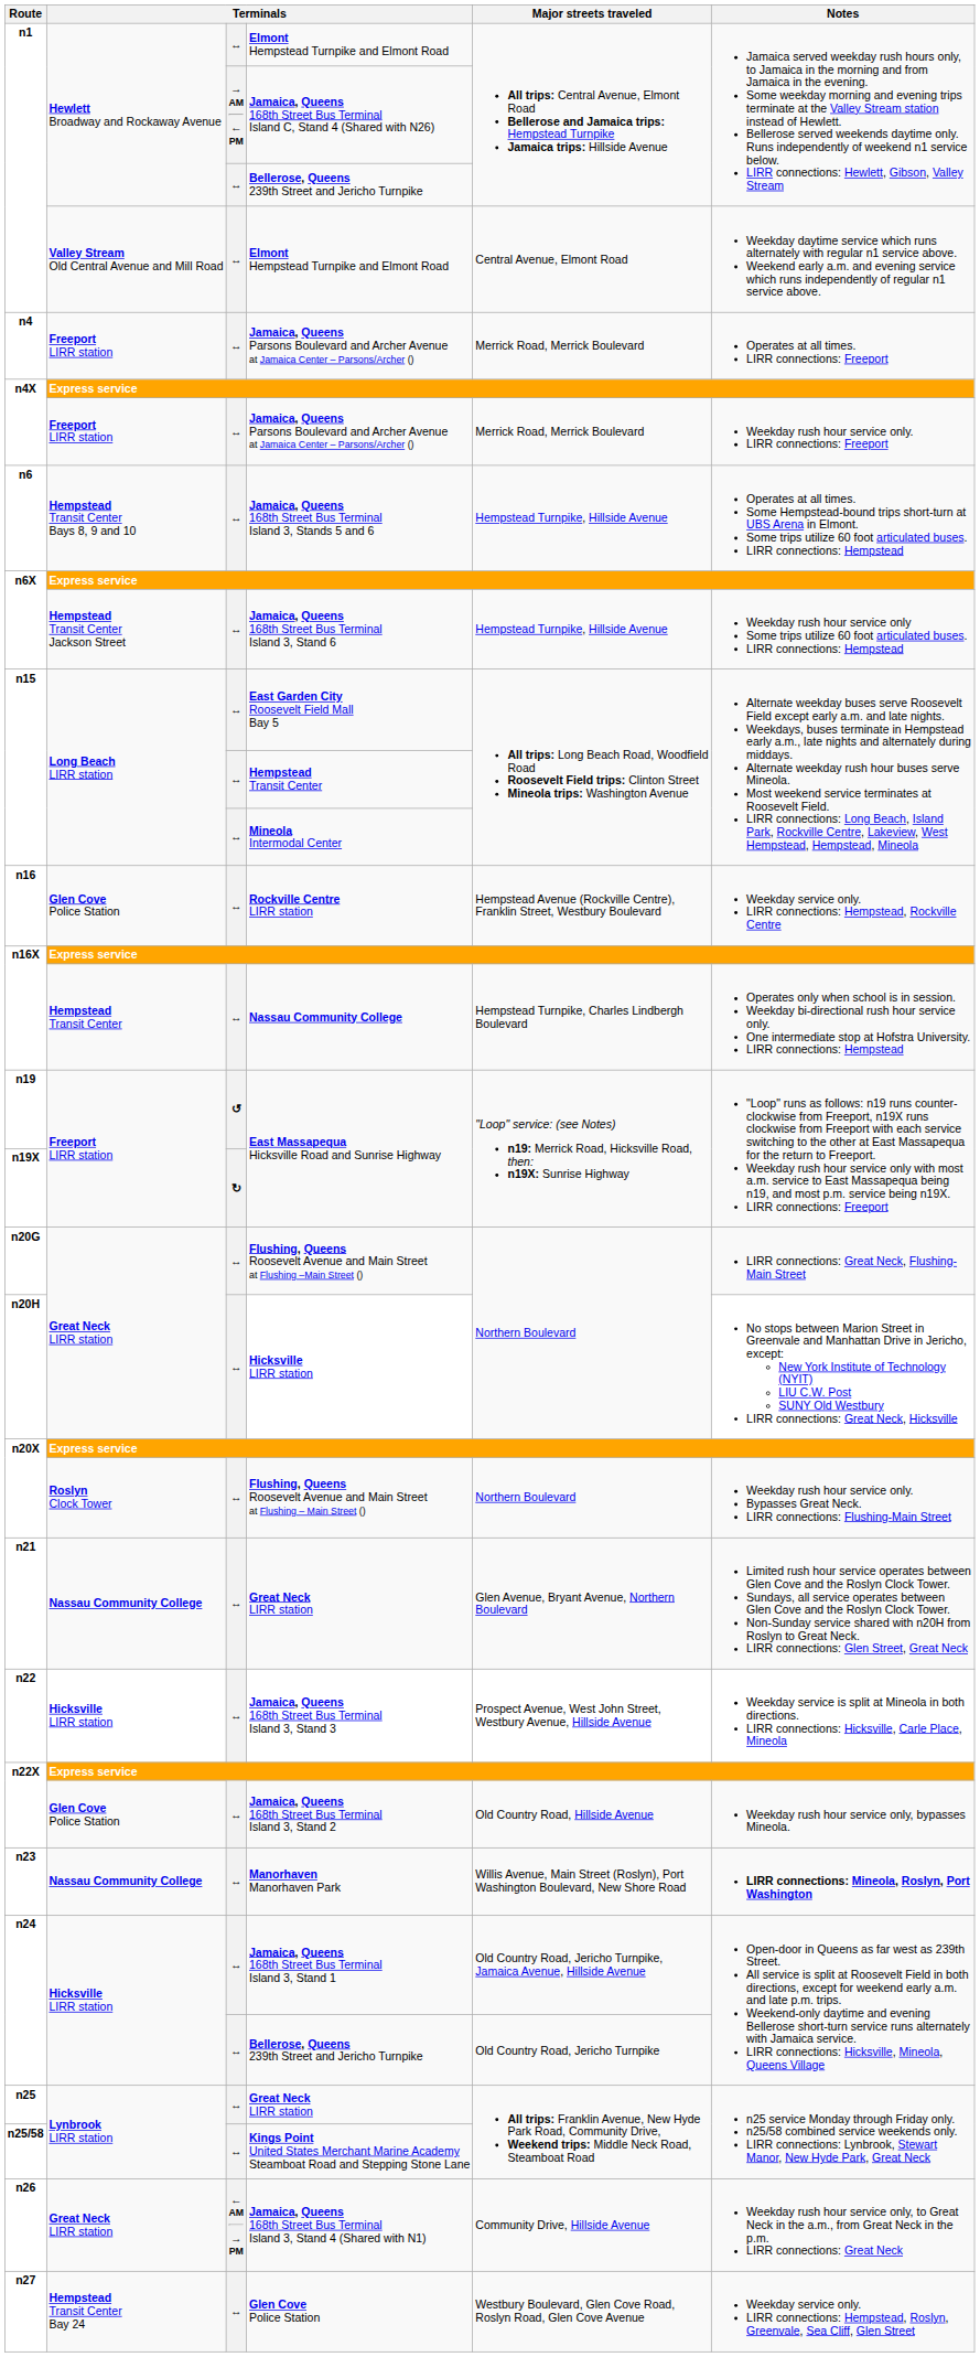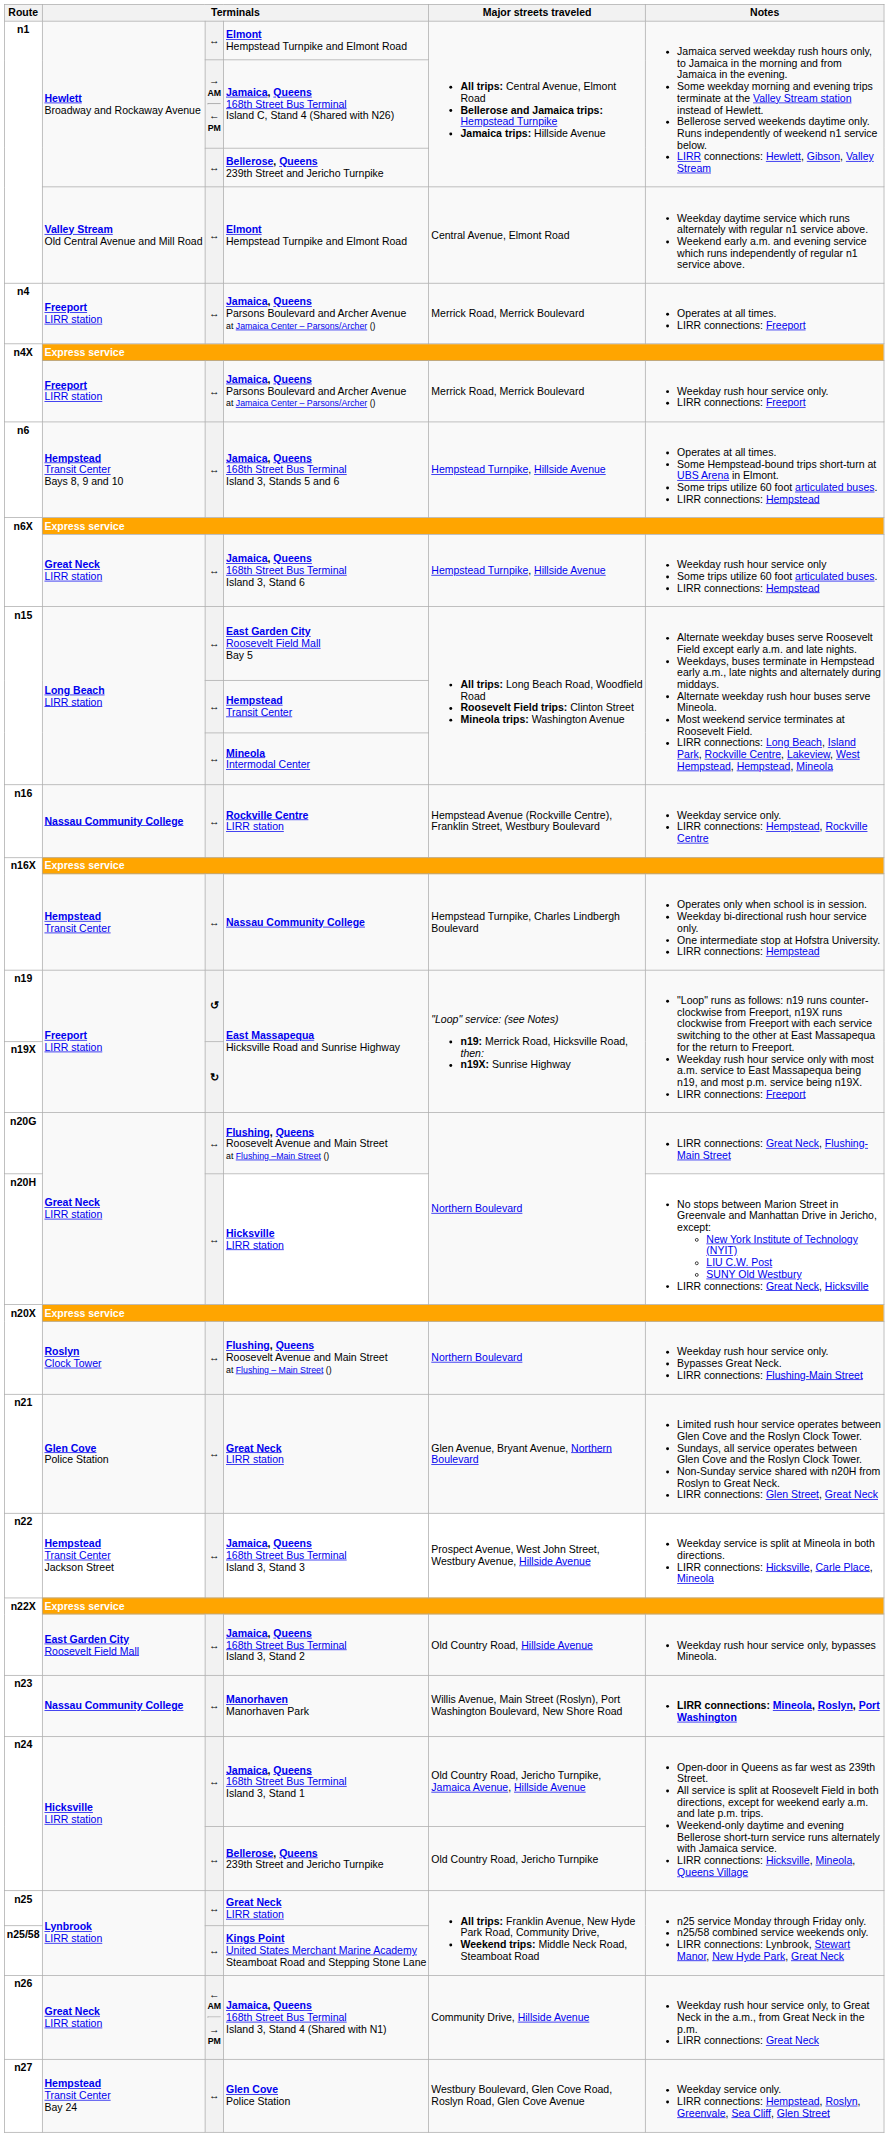 <table class=wikitable style="font-size: 90%;" |>
 <tr>
 <th>Route</th>
 <th colspan=3>Terminals</th>
 <th style="width:290px;">Major streets traveled</th>
 <th style="width:320px;">Notes</th>
 </tr>
 <tr>
 <td rowspan=4  style="text-align:center; background:white; color:black; vertical-align:top;"><div><strong>n1</strong></div></td>
 <td rowspan="3"><strong><a href='#'>Hewlett</a></strong><br>Broadway and Rockaway Avenue</td>
 <th><span>↔</span></th>
 <td><strong><a href='#'>Elmont</a></strong><br>Hempstead Turnpike and Elmont Road</td>
 <td rowspan=3><br><ul><li><strong>All trips:</strong> Central Avenue, Elmont Road</li><li><strong>Bellerose and Jamaica trips:</strong> <a href='#'>Hempstead Turnpike</a></li><li><strong>Jamaica trips:</strong> Hillside Avenue</li></ul></td>
 <td rowspan=3><br><ul><li>Jamaica served weekday rush hours only, to Jamaica in the morning and from Jamaica in the evening.</li><li>Some weekday morning and evening trips terminate at the <a href='#'>Valley Stream station</a> instead of Hewlett.</li><li>Bellerose served weekends daytime only. Runs independently of weekend n1 service below.</li><li><a href='#'>LIRR</a> connections: <a href='#'>Hewlett</a>, <a href='#'>Gibson</a>, <a href='#'>Valley Stream</a></li></ul></td>
 </tr>
 <tr>
 <th><span>→</span><br><small>AM</small><hr><span>←</span><br><small>PM</small></th>
 <td><strong><a href='#'>Jamaica</a>, <a href='#'>Queens</a></strong><br><a href='#'>168th Street Bus Terminal</a><br>Island C, Stand 4 (Shared with N26)</td>
 </tr>
 <tr>
 <th><span>↔</span></th>
 <td><strong><a href='#'>Bellerose</a>, <a href='#'>Queens</a></strong><br>239th Street and Jericho Turnpike</td>
 </tr>
 <tr>
 <td><strong><a href='#'>Valley Stream</a></strong><br>Old Central Avenue and Mill Road</td>
 <th><span>↔</span></th>
 <td><strong><a href='#'>Elmont</a></strong><br>Hempstead Turnpike and Elmont Road</td>
 <td>Central Avenue, Elmont Road</td>
 <td><br><ul><li>Weekday daytime service which runs alternately with regular n1 service above.</li><li>Weekend early a.m. and evening service which runs independently of regular n1 service above.</li></ul></td>
 </tr>
 <tr>
 <td style="text-align:center; background:white; color:black; vertical-align:top;"><div><strong>n4</strong></div></td>
 <td><strong><a href='#'>Freeport</a></strong><br><a href='#'>LIRR station</a></td>
 <th><span>↔</span></th>
 <td><strong><a href='#'>Jamaica</a>, <a href='#'>Queens</a></strong><br>Parsons Boulevard and Archer Avenue<br><small>at <a href='#'>Jamaica Center – Parsons/Archer</a> ()</small></td>
 <td>Merrick Road, Merrick Boulevard</td>
 <td><br><ul><li>Operates at all times.</li><li>LIRR connections: <a href='#'>Freeport</a></li></ul></td>
 </tr>
 <tr>
 <td rowspan="2"  style="text-align:center; background:white; color:black; vertical-align:top;"><div><strong>n4X</strong></div></td>
 <td colspan="6"  style="background:orange; color:white; text-align:left;"><strong>Express service</strong></td>
 </tr>
 <tr>
 <td><strong><a href='#'>Freeport</a></strong><br><a href='#'>LIRR station</a></td>
 <th><span>↔</span></th>
 <td><strong><a href='#'>Jamaica</a>, <a href='#'>Queens</a></strong><br>Parsons Boulevard and Archer Avenue<br><small>at <a href='#'>Jamaica Center – Parsons/Archer</a> ()</small></td>
 <td>Merrick Road, Merrick Boulevard</td>
 <td><br><ul><li>Weekday rush hour service only.</li><li>LIRR connections: <a href='#'>Freeport</a></li></ul></td>
 </tr>
 <tr>
 <td style="text-align:center; background:white; color:black; vertical-align:top;"><div><strong>n6</strong></div></td>
 <td><strong><a href='#'>Hempstead</a></strong><br><a href='#'>Transit Center</a><br>Bays 8, 9 and 10</td>
 <th><span>↔</span></th>
 <td><strong><a href='#'>Jamaica</a>, <a href='#'>Queens</a></strong><br><a href='#'>168th Street Bus Terminal</a><br>Island 3, Stands 5 and 6</td>
 <td><a href='#'>Hempstead Turnpike</a>, <a href='#'>Hillside Avenue</a></td>
 <td><br><ul><li>Operates at all times.</li><li>Some Hempstead-bound trips short-turn at <a href='#'>UBS Arena</a> in Elmont.</li><li>Some trips utilize 60 foot <a href='#'>articulated buses</a>.</li><li>LIRR connections: <a href='#'>Hempstead</a></li></ul></td>
 </tr>
 <tr>
 <td rowspan="2"  style="text-align:center; background:white; color:black; vertical-align:top;"><div><strong>n6X</strong></div></td>
 <td colspan="6"  style="background:orange; color:white; text-align:left;"><strong>Express service</strong></td>
 </tr>
 <tr>
-<td><strong><a href='#'>Hempstead</a></strong><br><a href='#'>Transit Center</a><br>Jackson Street</td>
+<td><strong><a href='#'>Great Neck</a></strong><br><a href='#'>LIRR station</a></td>
 <th><span>↔</span></th>
 <td><strong><a href='#'>Jamaica</a>, <a href='#'>Queens</a></strong><br><a href='#'>168th Street Bus Terminal</a><br>Island 3, Stand 6</td>
 <td><a href='#'>Hempstead Turnpike</a>, <a href='#'>Hillside Avenue</a></td>
 <td><br><ul><li>Weekday rush hour service only</li><li>Some trips utilize 60 foot <a href='#'>articulated buses</a>.</li><li>LIRR connections: <a href='#'>Hempstead</a></li></ul></td>
 </tr>
 <tr>
 <td rowspan=3 style="text-align:center; background:white; color:black; vertical-align:top;"><div><strong>n15</strong></div></td>
 <td rowspan=3><strong><a href='#'>Long Beach</a></strong><br><a href='#'>LIRR station</a></td>
 <th><span>↔</span></th>
 <td><strong><a href='#'>East Garden City</a></strong><br><a href='#'>Roosevelt Field Mall</a><br>Bay 5</td>
 <td rowspan=3><br><ul><li><strong>All trips:</strong> Long Beach Road, Woodfield Road</li><li><strong>Roosevelt Field trips:</strong> Clinton Street</li><li><strong>Mineola trips:</strong> Washington Avenue</li></ul></td>
 <td rowspan=3><br><ul><li>Alternate weekday buses serve Roosevelt Field except early a.m. and late nights.</li><li>Weekdays, buses terminate in Hempstead early a.m., late nights and alternately during middays.</li><li>Alternate weekday rush hour buses serve Mineola.</li><li>Most weekend service terminates at Roosevelt Field.</li><li>LIRR connections: <a href='#'>Long Beach</a>, <a href='#'>Island Park</a>, <a href='#'>Rockville Centre</a>, <a href='#'>Lakeview</a>, <a href='#'>West Hempstead</a>, <a href='#'>Hempstead</a>, <a href='#'>Mineola</a></li></ul></td>
 </tr>
 <tr>
 <th><span>↔</span></th>
 <td><strong><a href='#'>Hempstead</a></strong><br><a href='#'>Transit Center</a></td>
 </tr>
 <tr>
 <th><span>↔</span></th>
 <td><strong><a href='#'>Mineola</a></strong><br><a href='#'>Intermodal Center</a></td>
 </tr>
 <tr>
 <td style="text-align:center; background:white; color:black; vertical-align:top;"><div><strong>n16</strong></div></td>
-<td><strong><a href='#'>Glen Cove</a></strong><br>Police Station</td>
+<td><strong><a href='#'>Nassau Community College</a></strong></td>
 <th><span>↔</span></th>
 <td><strong><a href='#'>Rockville Centre</a></strong><br><a href='#'>LIRR station</a></td>
 <td>Hempstead Avenue (Rockville Centre), Franklin Street, Westbury Boulevard</td>
 <td><br><ul><li>Weekday service only.</li><li>LIRR connections: <a href='#'>Hempstead</a>, <a href='#'>Rockville Centre</a></li></ul></td>
 </tr>
 <tr>
 <td rowspan="2"  style="text-align:center; background:white; color:black; vertical-align:top;"><div><strong>n16X</strong></div></td>
 <td colspan="6"  style="background:orange; color:white; text-align:left;"><strong>Express service</strong></td>
 </tr>
 <tr>
 <td><strong><a href='#'>Hempstead</a></strong><br><a href='#'>Transit Center</a></td>
 <th><span>↔</span></th>
 <td><strong><a href='#'>Nassau Community College</a></strong></td>
 <td>Hempstead Turnpike, Charles Lindbergh Boulevard</td>
 <td><br><ul><li>Operates only when school is in session.</li><li>Weekday bi-directional rush hour service only.</li><li>One intermediate stop at Hofstra University.</li><li>LIRR connections: <a href='#'>Hempstead</a></li></ul></td>
 </tr>
 <tr>
 <td style="text-align:center; background:white; color:black; vertical-align:top;"><div><strong>n19</strong></div></td>
 <td rowspan =2><strong><a href='#'>Freeport</a></strong><br><a href='#'>LIRR station</a></td>
 <th><span>↺</span></th>
 <td rowspan =2><strong><a href='#'>East Massapequa</a></strong><br>Hicksville Road and Sunrise Highway</td>
 <td rowspan =2><br><em>"Loop" service: (see Notes)</em><ul><li><strong>n19:</strong> Merrick Road, Hicksville Road, <em>then:</em></li><li><strong>n19X:</strong> Sunrise Highway</li></ul></td>
 <td rowspan =2><br><ul><li>"Loop" runs as follows: n19 runs counter-clockwise from Freeport, n19X runs clockwise from Freeport with each service switching to the other at East Massapequa for the return to Freeport.</li><li>Weekday rush hour service only with most a.m. service to East Massapequa being n19, and most p.m. service being n19X.</li><li>LIRR connections: <a href='#'>Freeport</a></li></ul></td>
 </tr>
 <tr>
 <td style="text-align:center; background:white; color:black; vertical-align:top;"><strong>n19X</strong><br></td>
 <th><span>↻</span></th>
 </tr>
 <tr>
 <td style="text-align:center; background:white; color:black; vertical-align:top;"><div><div><strong>n20G</strong></div></div></td>
 <td rowspan="2"><strong><a href='#'>Great Neck</a></strong><br><a href='#'>LIRR station</a></td>
 <th><span>↔</span></th>
 <td><strong><a href='#'>Flushing</a>, <a href='#'>Queens</a></strong><br>Roosevelt Avenue and Main Street<br><small>at <a href='#'>Flushing –Main Street</a> ()</small></td>
 <td rowspan="2”"><a href='#'>Northern Boulevard</a></td>
 <td><br><ul><li>LIRR connections: <a href='#'>Great Neck</a>, <a href='#'>Flushing-Main Street</a></li></ul></td>
 </tr>
 <tr style="color:black; background:white;">
 <td style="text-align:center; background:white; color:black; vertical-align:top;"><div><strong>n20H</strong></div></td>
 <th><span>↔</span></th>
 <td><strong><a href='#'>Hicksville</a></strong><br><a href='#'>LIRR station</a></td>
 <td><br><ul><li>No stops between Marion Street in Greenvale and Manhattan Drive in Jericho, except:<ul><li><a href='#'>New York Institute of Technology (NYIT)</a></li><li><a href='#'>LIU C.W. Post</a></li><li><a href='#'>SUNY Old Westbury</a></li></ul></li><li>LIRR connections: <a href='#'>Great Neck</a>, <a href='#'>Hicksville</a></li></ul></td>
 </tr>
 <tr>
 <td rowspan=2 style="text-align:center; background:white; color:black; vertical-align:top;"><div><strong>n20X</strong></div></td>
 <td colspan="6"  style="background:orange; color:white; text-align:left;"><strong>Express service</strong></td>
 </tr>
 <tr>
 <td><strong><a href='#'>Roslyn</a></strong><br><a href='#'>Clock Tower</a></td>
 <th><span>↔</span></th>
 <td><strong><a href='#'>Flushing</a>, <a href='#'>Queens</a></strong><br>Roosevelt Avenue and Main Street<br><small>at <a href='#'>Flushing – Main Street</a> ()</small></td>
 <td><a href='#'>Northern Boulevard</a></td>
 <td><br><ul><li>Weekday rush hour service only.</li><li>Bypasses Great Neck.</li><li>LIRR connections: <a href='#'>Flushing-Main Street</a></li></ul></td>
 </tr>
 <tr>
 <td style="text-align:center; background:white; color:black; vertical-align:top;"><div><strong>n21</strong></div></td>
-<td><strong><a href='#'>Nassau Community College</a></strong></td>
+<td><strong><a href='#'>Glen Cove</a></strong><br>Police Station</td>
 <th><span>↔</span></th>
 <td><strong><a href='#'>Great Neck</a></strong><br><a href='#'>LIRR station</a></td>
 <td>Glen Avenue, Bryant Avenue, <a href='#'>Northern Boulevard</a></td>
 <td><br><ul><li>Limited rush hour service operates between Glen Cove and the Roslyn Clock Tower.</li><li>Sundays, all service operates between Glen Cove and the Roslyn Clock Tower.</li><li>Non-Sunday service shared with n20H from Roslyn to Great Neck.</li><li>LIRR connections: <a href='#'>Glen Street</a>, <a href='#'>Great Neck</a></li></ul></td>
 </tr>
 <tr style="color:black; background:white;">
 <td style="text-align:center; vertical-align:top;"><div><strong>n22</strong></div></td>
-<td><strong><a href='#'>Hicksville</a></strong><br><a href='#'>LIRR station</a></td>
+<td><strong><a href='#'>Hempstead</a></strong><br><a href='#'>Transit Center</a><br>Jackson Street</td>
 <th><span>↔</span></th>
 <td><strong><a href='#'>Jamaica</a>, <a href='#'>Queens</a></strong><br><a href='#'>168th Street Bus Terminal</a><br>Island 3, Stand 3</td>
 <td>Prospect Avenue, West John Street, Westbury Avenue, <a href='#'>Hillside Avenue</a></td>
 <td><br><ul><li>Weekday service is split at Mineola in both directions.</li><li>LIRR connections: <a href='#'>Hicksville</a>, <a href='#'>Carle Place</a>, <a href='#'>Mineola</a></li></ul></td>
 </tr>
 <tr style="color:black; background:white;">
 <td rowspan=2 style="text-align:center; vertical-align:top;"><div><strong>n22X</strong></div></td>
 <td colspan="6"  style="background:orange; color:white; text-align:left;"><strong>Express service</strong></td>
 </tr>
 <tr>
-<td><strong><a href='#'>Glen Cove</a></strong><br>Police Station</td>
+<td><strong><a href='#'>East Garden City</a></strong><br><a href='#'>Roosevelt Field Mall</a></td>
 <th><span>↔</span></th>
 <td><strong><a href='#'>Jamaica</a>, <a href='#'>Queens</a></strong><br><a href='#'>168th Street Bus Terminal</a><br>Island 3, Stand 2</td>
 <td>Old Country Road, <a href='#'>Hillside Avenue</a></td>
 <td><br><ul><li>Weekday rush hour service only, bypasses Mineola.</li></ul></td>
 </tr>
 <tr>
 <td style="text-align:center; background:white; color:black; vertical-align:top;"><div><strong>n23</strong></div></td>
 <td><strong><a href='#'>Nassau Community College</a></strong></td>
 <th><span>↔</span></th>
 <td><strong><a href='#'>Manorhaven</a></strong><br>Manorhaven Park</td>
 <td>Willis Avenue, Main Street (Roslyn), Port Washington Boulevard, New Shore Road</td>
 <td><strong><br><ul><li>LIRR connections: <a href='#'>Mineola</a>, <a href='#'>Roslyn</a>, <a href='#'>Port Washington</a></li></ul></strong></td>
 </tr>
 <tr>
 <td rowspan=2 style="text-align:center; background:white; color:black; vertical-align:top;"><div><strong>n24</strong></div></td>
 <td rowspan=2><strong><a href='#'>Hicksville</a></strong><br><a href='#'>LIRR station</a></td>
 <th><span>↔</span></th>
 <td><strong><a href='#'>Jamaica</a>, <a href='#'>Queens</a></strong><br><a href='#'>168th Street Bus Terminal</a><br>Island 3, Stand 1</td>
 <td>Old Country Road, Jericho Turnpike, <a href='#'>Jamaica Avenue</a>, <a href='#'>Hillside Avenue</a></td>
 <td rowspan=2><br><ul><li>Open-door in Queens as far west as 239th Street.</li><li>All service is split at Roosevelt Field in both directions, except for weekend early a.m. and late p.m. trips.</li><li>Weekend-only daytime and evening Bellerose short-turn service runs alternately with Jamaica service.</li><li>LIRR connections: <a href='#'>Hicksville</a>, <a href='#'>Mineola</a>, <a href='#'>Queens Village</a></li></ul></td>
 </tr>
 <tr>
 <th><span>↔</span></th>
 <td><strong><a href='#'>Bellerose</a>, <a href='#'>Queens</a></strong><br>239th Street and Jericho Turnpike</td>
 <td>Old Country Road, Jericho Turnpike</td>
 </tr>
 <tr>
 <td style="text-align:center; background:white; color:black; vertical-align:top;"><div><strong>n25</strong></div></td>
 <td rowspan=2><strong><a href='#'>Lynbrook</a></strong><br><a href='#'>LIRR station</a></td>
 <th><span>↔</span></th>
 <td><strong><a href='#'>Great Neck</a></strong><br><a href='#'>LIRR station</a></td>
 <td rowspan=2><br><ul><li><strong>All trips:</strong> Franklin Avenue, New Hyde Park Road, Community Drive,</li><li><strong>Weekend trips:</strong> Middle Neck Road, Steamboat Road</li></ul></td>
 <td rowspan=2><br><ul><li>n25 service Monday through Friday only.</li><li>n25/58 combined service weekends only.</li><li>LIRR connections: Lynbrook, <a href='#'>Stewart Manor</a>, <a href='#'>New Hyde Park</a>, <a href='#'>Great Neck</a></li></ul></td>
 </tr>
 <tr>
 <td style="text-align:center; background:white; color:black; vertical-align:top;"><div><strong>n25/58<br></strong></div></td>
 <th><span>↔</span></th>
 <td><strong><a href='#'>Kings Point</a></strong><br><a href='#'>United States Merchant Marine Academy</a><br>Steamboat Road and Stepping Stone Lane</td>
 </tr>
 <tr>
 <td style="text-align:center; background:white; color:black; vertical-align:top;"><div><strong>n26</strong></div></td>
 <td><strong><a href='#'>Great Neck</a></strong><br><a href='#'>LIRR station</a></td>
 <th><span>←</span><br><small>AM</small><hr><span>→</span><br><small>PM</small></th>
 <td><strong><a href='#'>Jamaica</a>, <a href='#'>Queens</a></strong><br><a href='#'>168th Street Bus Terminal</a><br>Island 3, Stand 4 (Shared with N1)</td>
 <td>Community Drive, <a href='#'>Hillside Avenue</a></td>
 <td><br><ul><li>Weekday rush hour service only, to Great Neck in the a.m., from Great Neck in the p.m.</li><li>LIRR connections: <a href='#'>Great Neck</a></li></ul></td>
 </tr>
 <tr>
 <td style="text-align:center; background:white; color:black; vertical-align:top;"><div><strong>n27</strong></div></td>
 <td><strong><a href='#'>Hempstead</a></strong><br><a href='#'>Transit Center</a><br>Bay 24</td>
 <th><span>↔</span></th>
 <td><strong><a href='#'>Glen Cove</a></strong><br>Police Station</td>
 <td>Westbury Boulevard, Glen Cove Road, Roslyn Road, Glen Cove Avenue</td>
 <td><br><ul><li>Weekday service only.</li><li>LIRR connections: <a href='#'>Hempstead</a>, <a href='#'>Roslyn</a>, <a href='#'>Greenvale</a>, <a href='#'>Sea Cliff</a>, <a href='#'>Glen Street</a></li></ul></td>
 </tr>
 </table>
